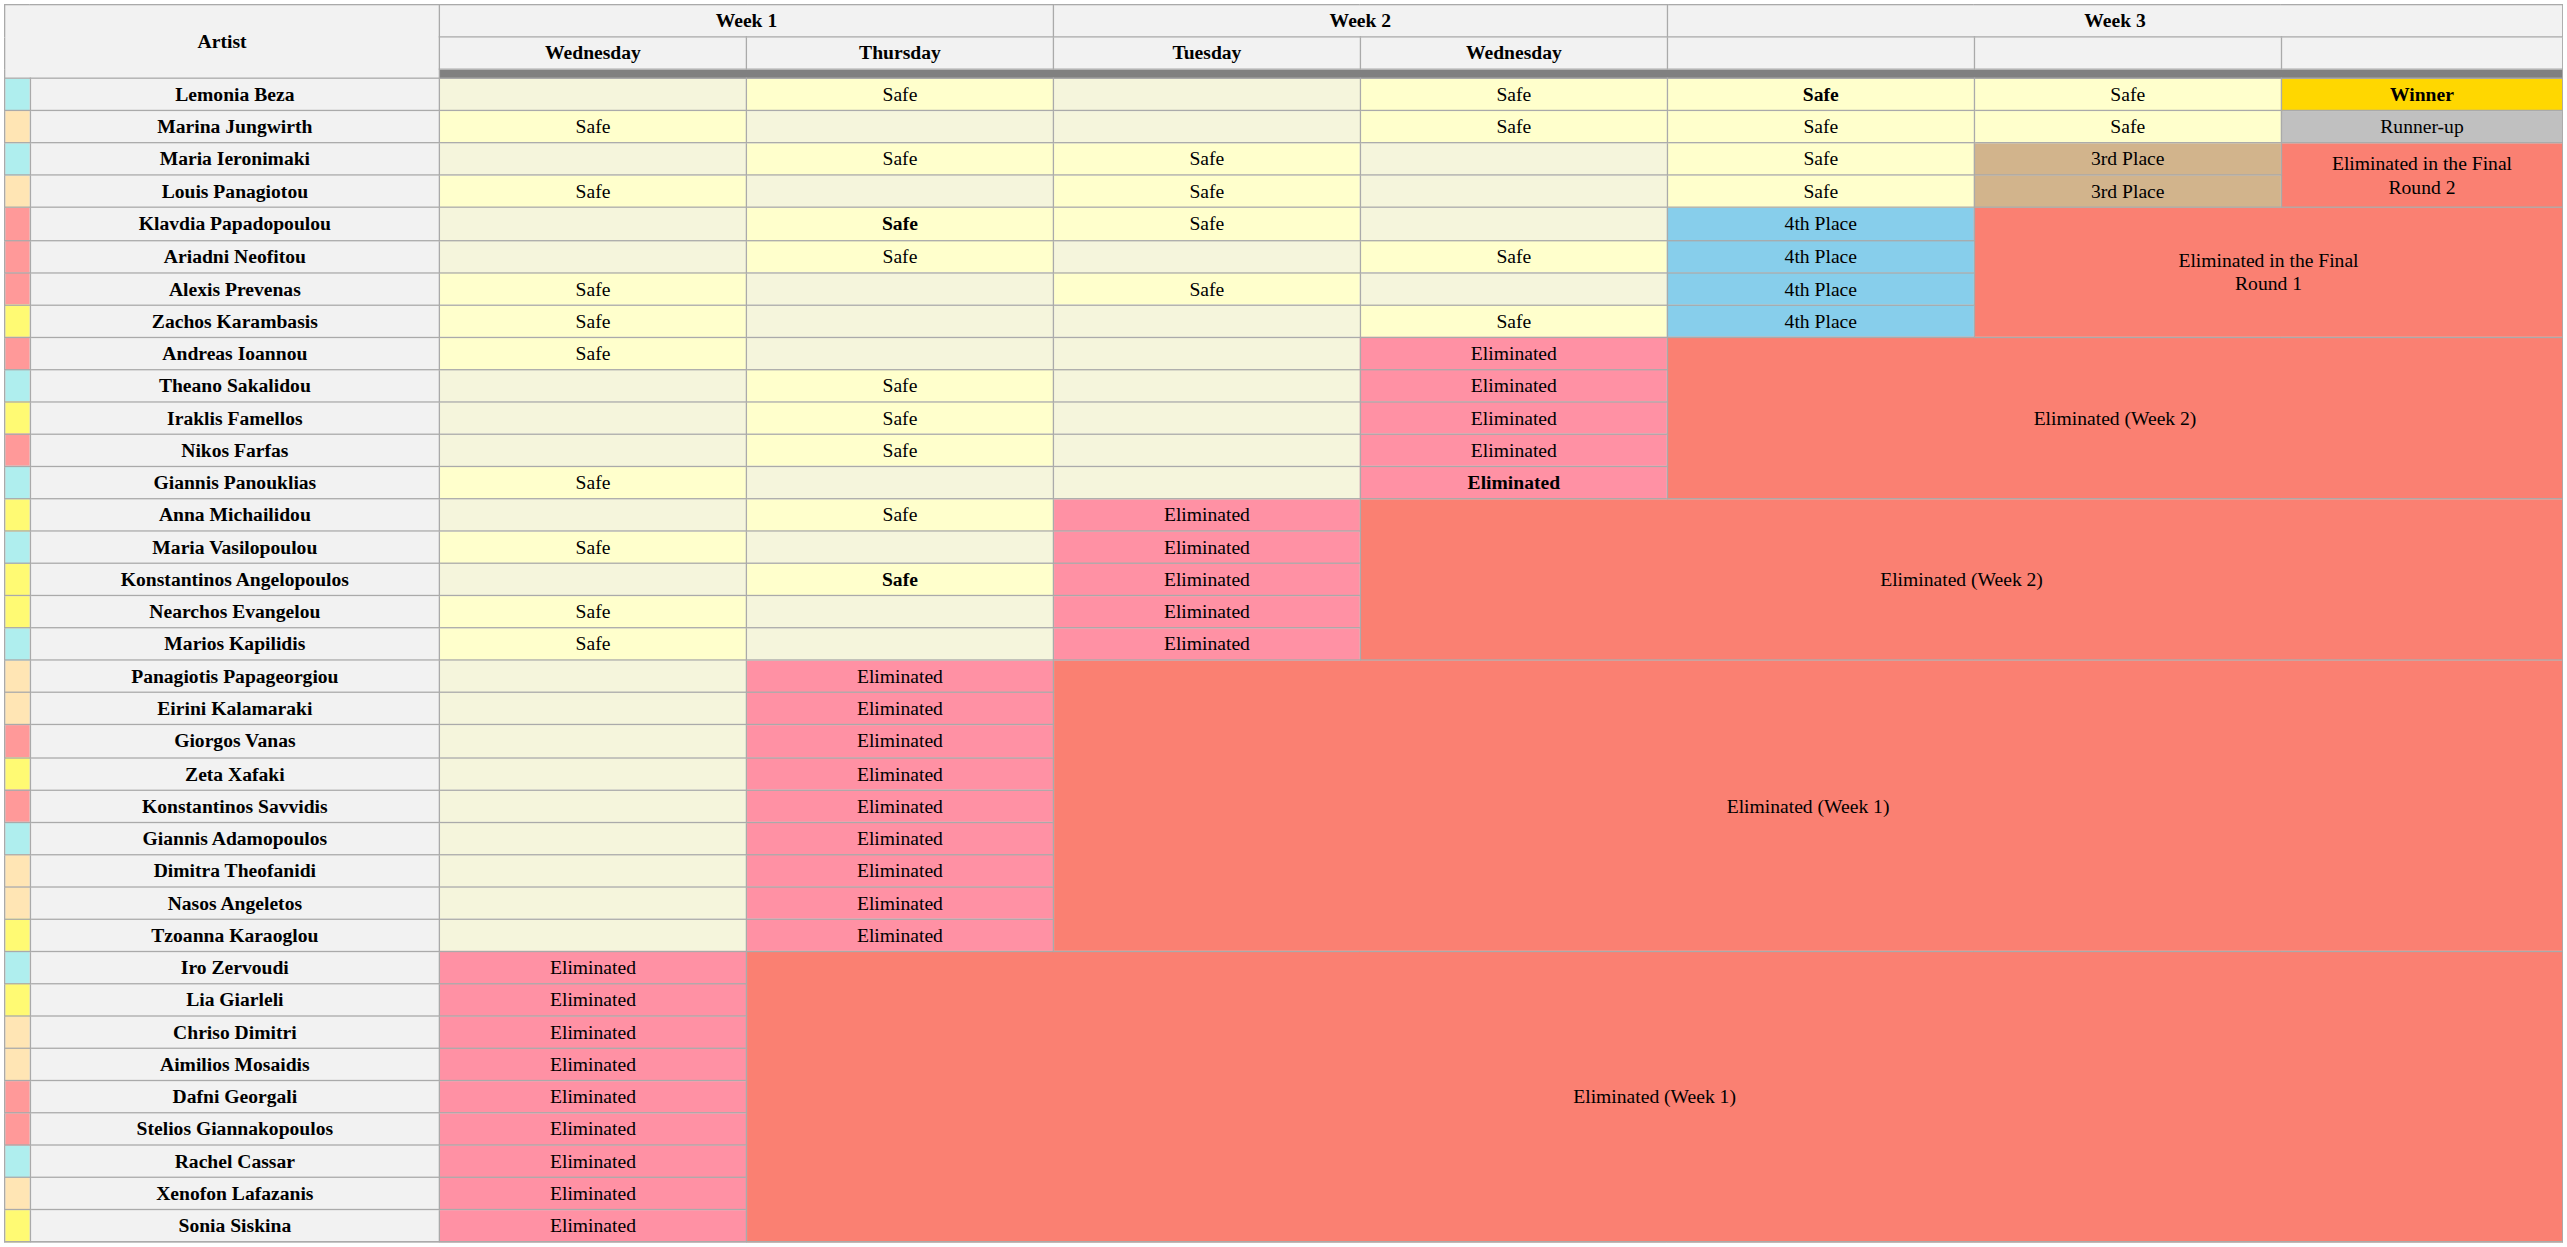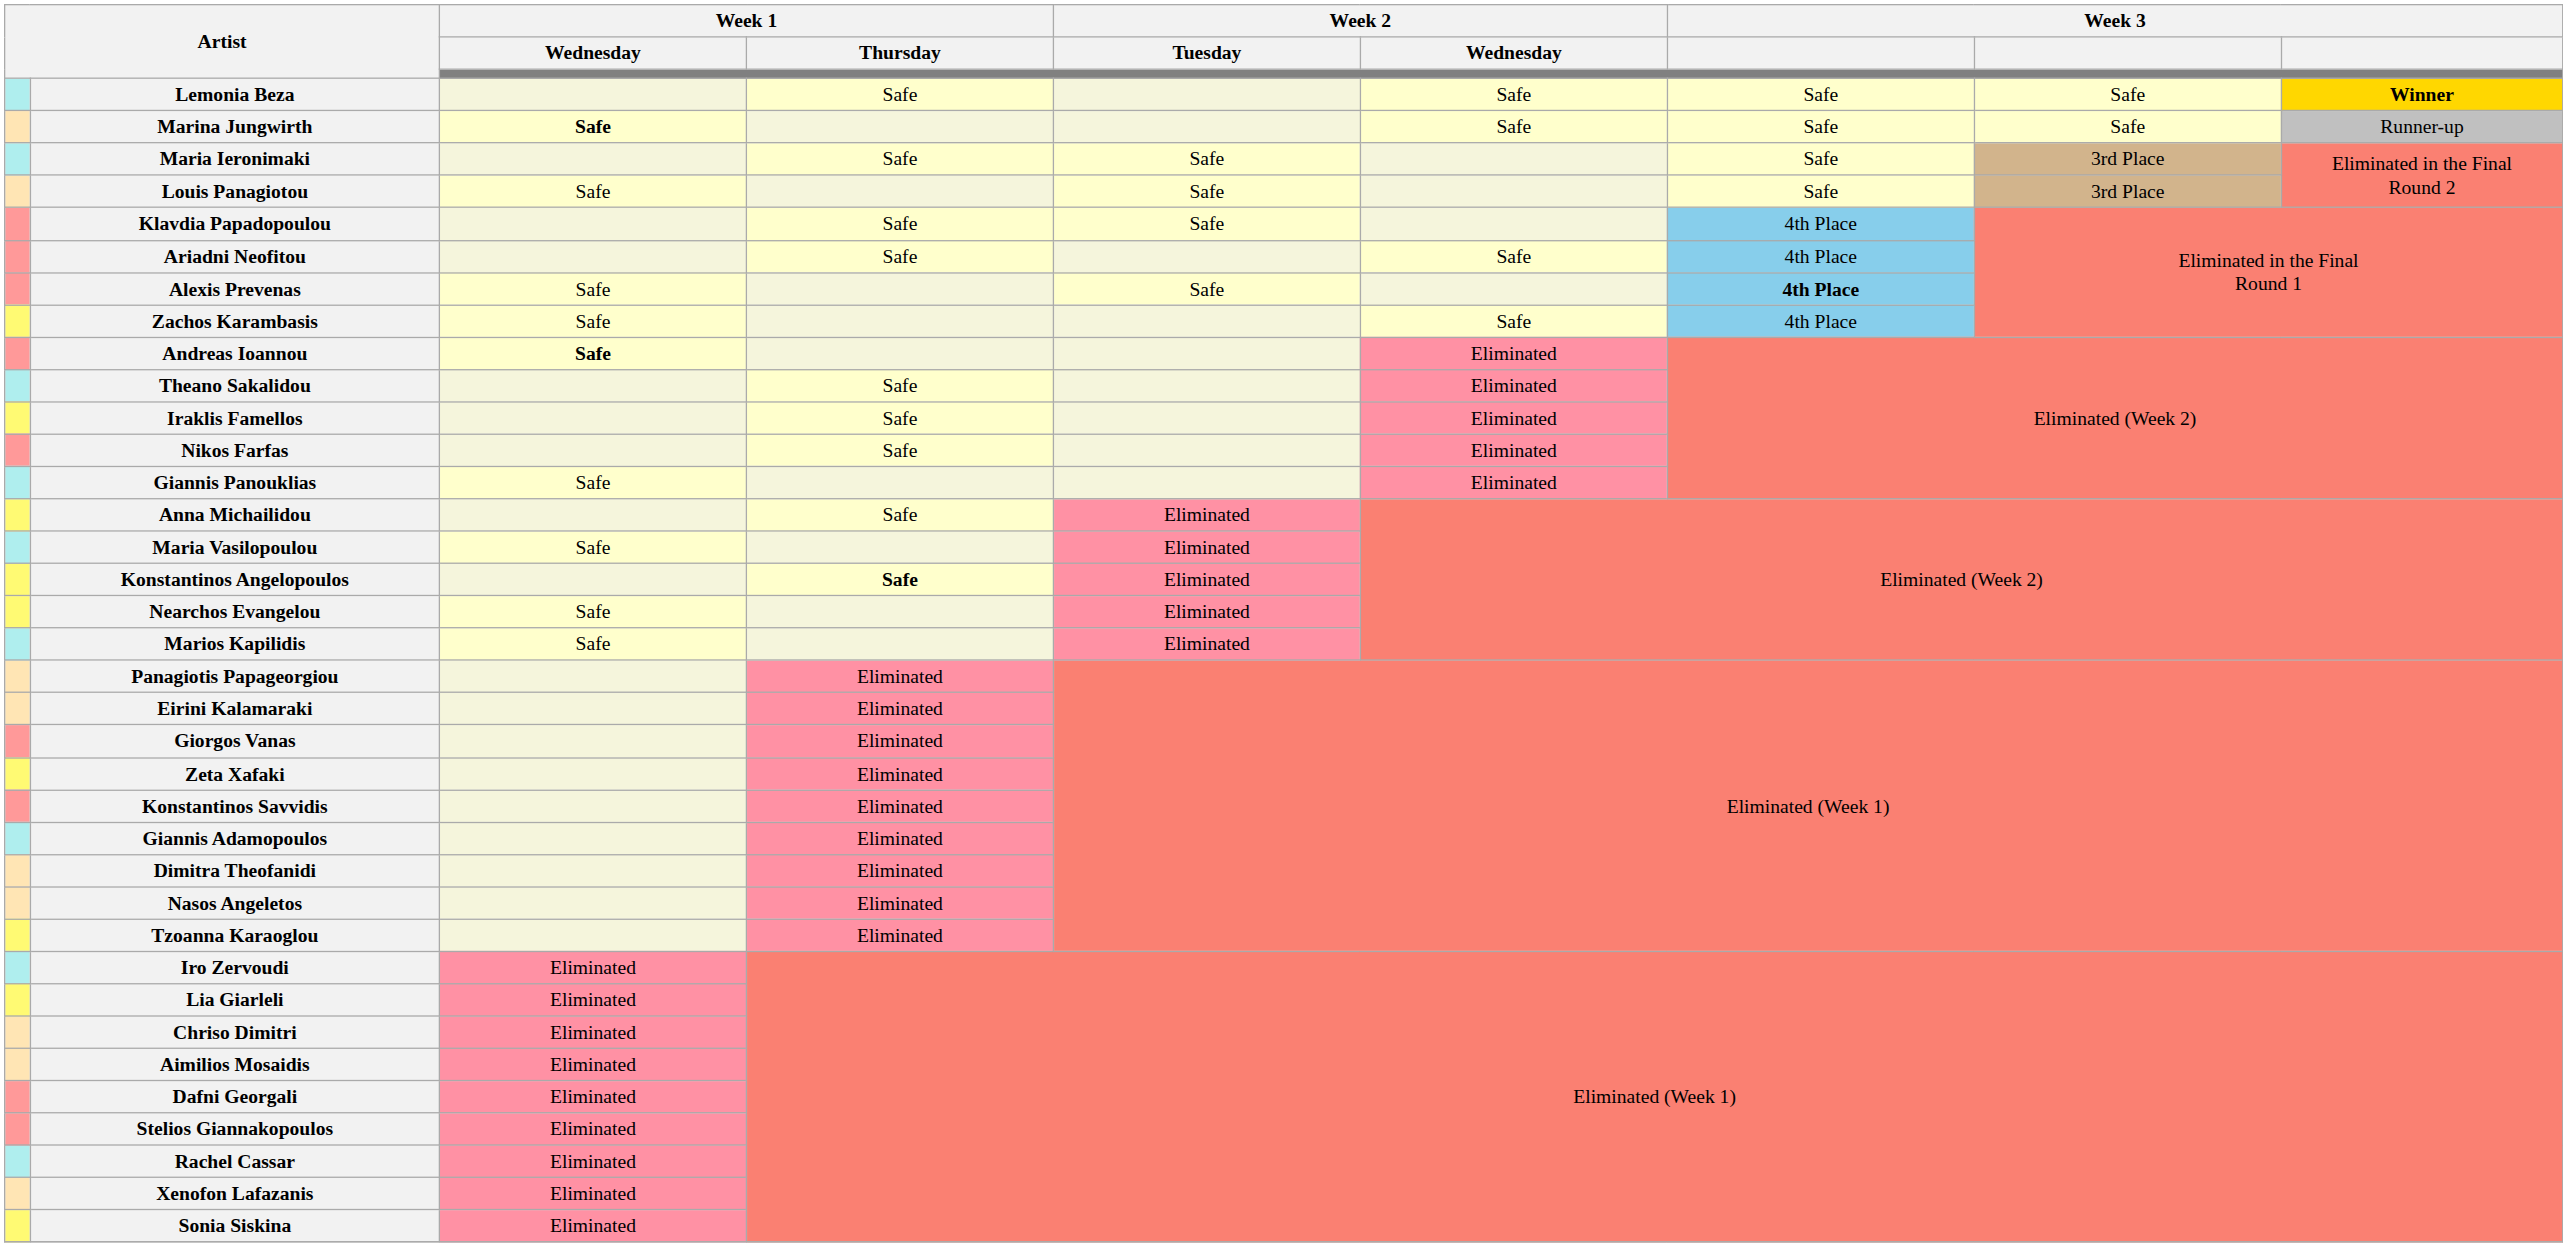 <table class="wikitable"  style="font-size:95%; text-align:center; width:100%;">
 <tr>
 <th rowspan="3" colspan="2" width="17%;">Artist</th>
 <th style="width:14%" colspan="2" scope="col">Week 1</th>
 <th style="width:14%" colspan="2" scope="col">Week 2</th>
 <th style="width:14%" colspan="3" scope="col">Week 3</th>
 </tr>
 <tr>
 <th width="12%;">Wednesday</th>
 <th width="12%;">Thursday</th>
 <th width="12%;">Tuesday</th>
 <th width="12%;">Wednesday</th>
 <th width="12%;"></th>
 <th width="12%;"></th>
 <th width="12%;"></th>
 </tr>
 <tr>
 <th colspan="9" style="background:grey;"></th>
 </tr>
 <tr>
 <td style="background:#afeeee;"></td>
 <th width="16%">Lemonia Beza</th>
 <td style="background:#F5F5DC;"></td>
 <td style="background:#FFFFCC;">Safe</td>
 <td style="background:#F5F5DC;"></td>
 <td style="background:#FFFFCC;">Safe</td>
-<td style="background:#FFFFCC;"><strong>Safe</strong></td>
+<td style="background:#FFFFCC;">Safe</td>
 <td style="background:#FFFFCC;">Safe</td>
 <td style="background:gold;"><strong>Winner</strong></td>
 </tr>
 <tr>
 <td style="background:#ffe5b4;"></td>
 <th width="16%">Marina Jungwirth</th>
-<td style="background:#FFFFCC;">Safe</td>
+<td style="background:#FFFFCC;"><strong>Safe</strong></td>
 <td style="background:#F5F5DC;"></td>
 <td style="background:#F5F5DC;"></td>
 <td style="background:#FFFFCC;">Safe</td>
 <td style="background:#FFFFCC;">Safe</td>
 <td style="background:#FFFFCC;">Safe</td>
 <td style="background:silver;">Runner-up</td>
 </tr>
 <tr>
 <td style="background:#afeeee;"></td>
 <th width="16%">Maria Ieronimaki</th>
 <td style="background:#F5F5DC;"></td>
 <td style="background:#FFFFCC;">Safe</td>
 <td style="background:#FFFFCC;">Safe</td>
 <td style="background:#F5F5DC;"></td>
 <td style="background:#FFFFCC;">Safe</td>
 <td style="background:tan;">3rd Place</td>
 <td rowspan="2" style="background:#FA8072;">Eliminated in the Final<br> Round 2</td>
 </tr>
 <tr>
 <td style="background:#ffe5b4;"></td>
 <th width="16%">Louis Panagiotou</th>
 <td style="background:#FFFFCC;">Safe</td>
 <td style="background:#F5F5DC;"></td>
 <td style="background:#FFFFCC;">Safe</td>
 <td style="background:#F5F5DC;"></td>
 <td style="background:#FFFFCC;">Safe</td>
 <td style="background:tan;">3rd Place</td>
 </tr>
 <tr>
 <td style="background:#ff9999;"></td>
 <th width="16%">Klavdia Papadopoulou</th>
 <td style="background:#F5F5DC;"></td>
-<td style="background:#FFFFCC;"><strong>Safe</strong></td>
+<td style="background:#FFFFCC;">Safe</td>
 <td style="background:#FFFFCC;">Safe</td>
 <td style="background:#F5F5DC;"></td>
 <td style="background:skyblue;">4th Place</td>
 <td rowspan="4" colspan="2" style="background:#FA8072;">Eliminated in the Final<br> Round 1</td>
 </tr>
 <tr>
 <td style="background:#ff9999;"></td>
 <th width="16%">Ariadni Neofitou</th>
 <td style="background:#F5F5DC;"></td>
 <td style="background:#FFFFCC;">Safe</td>
 <td style="background:#F5F5DC;"></td>
 <td style="background:#FFFFCC;">Safe</td>
 <td style="background:skyblue;">4th Place</td>
 </tr>
 <tr>
 <td style="background:#ff9999;"></td>
 <th width="16%">Alexis Prevenas</th>
 <td style="background:#FFFFCC;">Safe</td>
 <td style="background:#F5F5DC;"></td>
 <td style="background:#FFFFCC;">Safe</td>
 <td style="background:#F5F5DC;"></td>
-<td style="background:skyblue;">4th Place</td>
+<td style="background:skyblue;"><strong>4th Place</strong></td>
 </tr>
 <tr>
 <td style="background:#fffa73;"></td>
 <th width="16%">Zachos Karambasis</th>
 <td style="background:#FFFFCC;">Safe</td>
 <td style="background:#F5F5DC;"></td>
 <td style="background:#F5F5DC;"></td>
 <td style="background:#FFFFCC;">Safe</td>
 <td style="background:skyblue;">4th Place</td>
 </tr>
 <tr>
 <td style="background:#ff9999;"></td>
 <th width="16%">Andreas Ioannou</th>
-<td style="background:#FFFFCC;">Safe</td>
+<td style="background:#FFFFCC;"><strong>Safe</strong></td>
 <td style="background:#F5F5DC;"></td>
 <td style="background:#F5F5DC;"></td>
 <td style="background:#FF91A4;">Eliminated</td>
 <td rowspan="5" colspan="3" style="background:#FA8072;">Eliminated (Week 2)</td>
 </tr>
 <tr>
 <td style="background:#afeeee;"></td>
 <th width="16%">Theano Sakalidou</th>
 <td style="background:#F5F5DC;"></td>
 <td style="background:#FFFFCC;">Safe</td>
 <td style="background:#F5F5DC;"></td>
 <td style="background:#FF91A4;">Eliminated</td>
 </tr>
 <tr>
 <td style="background:#fffa73;"></td>
 <th width="16%">Iraklis Famellos</th>
 <td style="background:#F5F5DC;"></td>
 <td style="background:#FFFFCC;">Safe</td>
 <td style="background:#F5F5DC;"></td>
 <td style="background:#FF91A4;">Eliminated</td>
 </tr>
 <tr>
 <td style="background:#ff9999;"></td>
 <th width="16%">Nikos Farfas</th>
 <td style="background:#F5F5DC;"></td>
 <td style="background:#FFFFCC;">Safe</td>
 <td style="background:#F5F5DC;"></td>
 <td style="background:#FF91A4;">Eliminated</td>
 </tr>
 <tr>
 <td style="background:#afeeee;"></td>
 <th width="16%">Giannis Panouklias</th>
 <td style="background:#FFFFCC;">Safe</td>
 <td style="background:#F5F5DC;"></td>
 <td style="background:#F5F5DC;"></td>
-<td style="background:#FF91A4;"><strong>Eliminated</strong></td>
+<td style="background:#FF91A4;">Eliminated</td>
 </tr>
 <tr>
 <td style="background:#fffa73;"></td>
 <th width="16%">Anna Michailidou</th>
 <td style="background:#F5F5DC;"></td>
 <td style="background:#FFFFCC;">Safe</td>
 <td style="background:#FF91A4;">Eliminated</td>
 <td rowspan="5" colspan="4" style="background:#FA8072;">Eliminated (Week 2)</td>
 </tr>
 <tr>
 <td style="background:#afeeee;"></td>
 <th width="16%">Maria Vasilopoulou</th>
 <td style="background:#FFFFCC;">Safe</td>
 <td style="background:#F5F5DC;"></td>
 <td style="background:#FF91A4;">Eliminated</td>
 </tr>
 <tr>
 <td style="background:#fffa73;"></td>
 <th width="16%">Konstantinos Angelopoulos</th>
 <td style="background:#F5F5DC;"></td>
 <td style="background:#FFFFCC;"><strong>Safe</strong></td>
 <td style="background:#FF91A4;">Eliminated</td>
 </tr>
 <tr>
 <td style="background:#fffa73;"></td>
 <th width="16%">Nearchos Evangelou</th>
 <td style="background:#FFFFCC;">Safe</td>
 <td style="background:#F5F5DC;"></td>
 <td style="background:#FF91A4;">Eliminated</td>
 </tr>
 <tr>
 <td style="background:#afeeee;"></td>
 <th width="16%">Marios Kapilidis</th>
 <td style="background:#FFFFCC;">Safe</td>
 <td style="background:#F5F5DC;"></td>
 <td style="background:#FF91A4;">Eliminated</td>
 </tr>
 <tr>
 <td style="background:#ffe5b4;"></td>
 <th width="16%">Panagiotis Papageorgiou</th>
 <td style="background:#F5F5DC;"></td>
 <td style="background:#FF91A4;">Eliminated</td>
 <td rowspan="9" colspan="5" style="background:#FA8072;">Eliminated (Week 1)</td>
 </tr>
 <tr>
 <td style="background:#ffe5b4;"></td>
 <th width="16%">Eirini Kalamaraki</th>
 <td style="background:#F5F5DC;"></td>
 <td style="background:#FF91A4;">Eliminated</td>
 </tr>
 <tr>
 <td style="background:#ff9999;"></td>
 <th width="16%">Giorgos Vanas</th>
 <td style="background:#F5F5DC;"></td>
 <td style="background:#FF91A4;">Eliminated</td>
 </tr>
 <tr>
 <td style="background:#fffa73;"></td>
 <th width="16%">Zeta Xafaki</th>
 <td style="background:#F5F5DC;"></td>
 <td style="background:#FF91A4;">Eliminated</td>
 </tr>
 <tr>
 <td style="background:#ff9999;"></td>
 <th width="16%">Konstantinos Savvidis</th>
 <td style="background:#F5F5DC;"></td>
 <td style="background:#FF91A4;">Eliminated</td>
 </tr>
 <tr>
 <td style="background:#afeeee;"></td>
 <th width="16%">Giannis Adamopoulos</th>
 <td style="background:#F5F5DC;"></td>
 <td style="background:#FF91A4;">Eliminated</td>
 </tr>
 <tr>
 <td style="background:#ffe5b4;"></td>
 <th width="16%">Dimitra Theofanidi</th>
 <td style="background:#F5F5DC;"></td>
 <td style="background:#FF91A4;">Eliminated</td>
 </tr>
 <tr>
 <td style="background:#ffe5b4;"></td>
 <th width="16%">Nasos Angeletos</th>
 <td style="background:#F5F5DC;"></td>
 <td style="background:#FF91A4;">Eliminated</td>
 </tr>
 <tr>
 <td style="background:#fffa73;"></td>
 <th width="16%">Tzoanna Karaoglou</th>
 <td style="background:#F5F5DC;"></td>
 <td style="background:#FF91A4;">Eliminated</td>
 </tr>
 <tr>
 <td style="background:#afeeee;"></td>
 <th width="16%">Iro Zervoudi</th>
 <td style="background:#FF91A4;">Eliminated</td>
 <td rowspan="9" colspan="6" style="background:#FA8072;">Eliminated (Week 1)</td>
 </tr>
 <tr>
 <td style="background:#fffa73;"></td>
 <th width="16%">Lia Giarleli</th>
 <td style="background:#FF91A4;">Eliminated</td>
 </tr>
 <tr>
 <td style="background:#ffe5b4;"></td>
 <th width="16%">Chriso Dimitri</th>
 <td style="background:#FF91A4;">Eliminated</td>
 </tr>
 <tr>
 <td style="background:#ffe5b4;"></td>
 <th width="16%">Aimilios Mosaidis</th>
 <td style="background:#FF91A4;">Eliminated</td>
 </tr>
 <tr>
 <td style="background:#ff9999;"></td>
 <th width="16%">Dafni Georgali</th>
 <td style="background:#FF91A4;">Eliminated</td>
 </tr>
 <tr>
 <td style="background:#ff9999;"></td>
 <th width="16%">Stelios Giannakopoulos</th>
 <td style="background:#FF91A4;">Eliminated</td>
 </tr>
 <tr>
 <td style="background:#afeeee;"></td>
 <th width="16%">Rachel Cassar</th>
 <td style="background:#FF91A4;">Eliminated</td>
 </tr>
 <tr>
 <td style="background:#ffe5b4;"></td>
 <th width="16%">Xenofon Lafazanis</th>
 <td style="background:#FF91A4;">Eliminated</td>
 </tr>
 <tr>
 <td style="background:#fffa73;"></td>
 <th width="16%">Sonia Siskina</th>
 <td style="background:#FF91A4;">Eliminated</td>
 </tr>
 <tr>
 </tr>
 </table>
